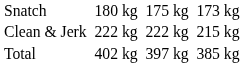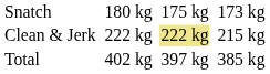 <table>
 <tr>
 <td>Snatch</td>
 <td></td>
 <td>180 kg</td>
 <td></td>
 <td>175 kg</td>
 <td></td>
 <td>173 kg</td>
 </tr>
 <tr>
 <td>Clean & Jerk</td>
 <td></td>
 <td>222 kg</td>
 <td></td>
-<td>222 kg</td>
+<td style="background: khaki;">222 kg</td>
 <td></td>
 <td>215 kg</td>
 </tr>
 <tr>
 <td>Total</td>
 <td></td>
 <td>402 kg</td>
 <td></td>
 <td>397 kg</td>
 <td></td>
 <td>385 kg</td>
 </tr>
 </table>
